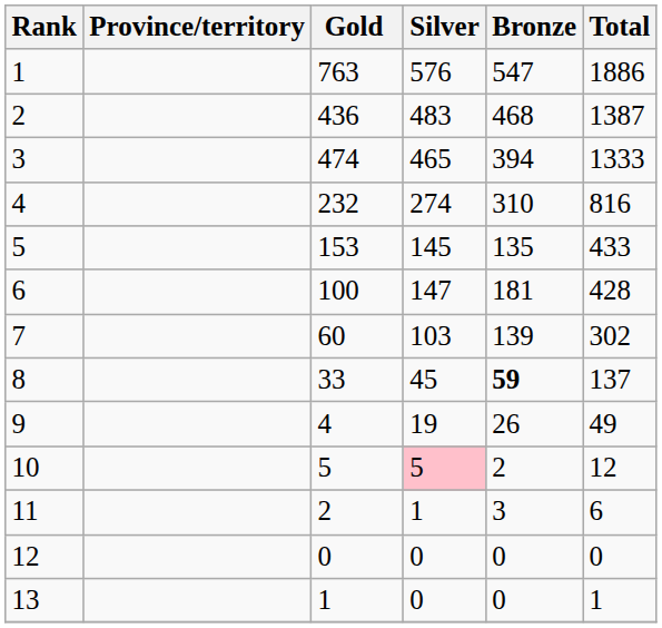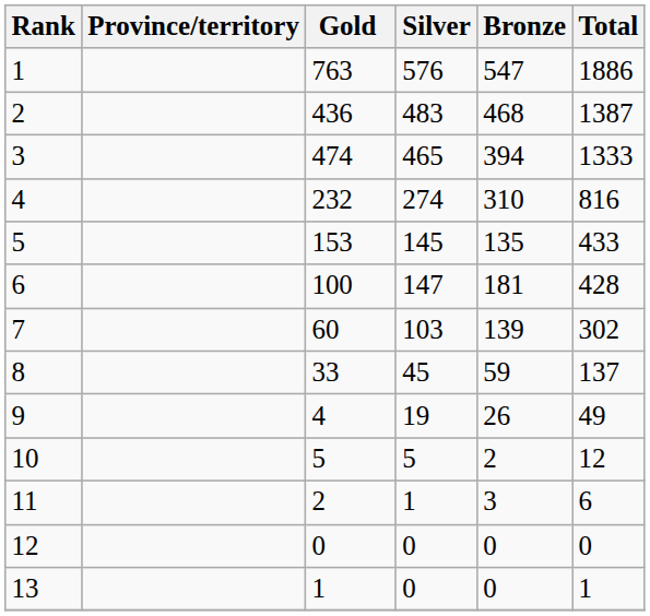 <table class="wikitable sortable">
 <tr>
 <th>Rank</th>
 <th>Province/territory</th>
 <th bgcolor="gold"> Gold  </th>
 <th bgcolor="silver">Silver</th>
 <th bgcolor="CC9966">Bronze</th>
 <th>Total</th>
 </tr>
 <tr>
 <td>1</td>
 <td></td>
 <td>763</td>
 <td>576</td>
 <td>547</td>
 <td>1886</td>
 </tr>
 <tr>
 <td>2</td>
 <td></td>
 <td>436</td>
 <td>483</td>
 <td>468</td>
 <td>1387</td>
 </tr>
 <tr>
 <td>3</td>
 <td></td>
 <td>474</td>
 <td>465</td>
 <td>394</td>
 <td>1333</td>
 </tr>
 <tr>
 <td>4</td>
 <td></td>
 <td>232</td>
 <td>274</td>
 <td>310</td>
 <td>816</td>
 </tr>
 <tr>
 <td>5</td>
 <td></td>
 <td>153</td>
 <td>145</td>
 <td>135</td>
 <td>433</td>
 </tr>
 <tr>
 <td>6</td>
 <td></td>
 <td>100</td>
 <td>147</td>
 <td>181</td>
 <td>428</td>
 </tr>
 <tr>
 <td>7</td>
 <td></td>
 <td>60</td>
 <td>103</td>
 <td>139</td>
 <td>302</td>
 </tr>
 <tr>
 <td>8</td>
 <td></td>
 <td>33</td>
 <td>45</td>
-<td><strong>59</strong></td>
+<td>59</td>
 <td>137</td>
 </tr>
 <tr>
 <td>9</td>
 <td></td>
 <td>4</td>
 <td>19</td>
 <td>26</td>
 <td>49</td>
 </tr>
 <tr>
 <td>10</td>
 <td></td>
 <td>5</td>
-<td style="background: pink;">5</td>
+<td>5</td>
 <td>2</td>
 <td>12</td>
 </tr>
 <tr>
 <td>11</td>
 <td></td>
 <td>2</td>
 <td>1</td>
 <td>3</td>
 <td>6</td>
 </tr>
 <tr>
 <td>12</td>
 <td></td>
 <td>0</td>
 <td>0</td>
 <td>0</td>
 <td>0</td>
 </tr>
 <tr>
 <td>13</td>
 <td></td>
 <td>1</td>
 <td>0</td>
 <td>0</td>
 <td>1</td>
 </tr>
 <tr>
 </tr>
 </table>
